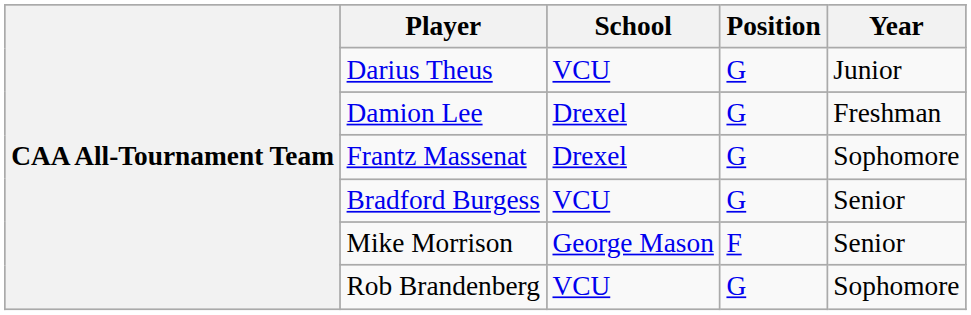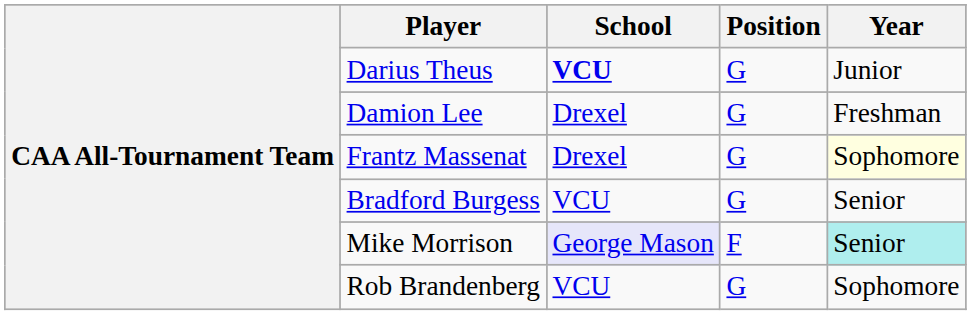 <table class="wikitable" border="1">
 <tr>
 <th rowspan=7 valign=middle>CAA All-Tournament Team</th>
 <th>Player</th>
 <th>School</th>
 <th>Position</th>
 <th>Year</th>
 </tr>
 <tr>
 <td><a href='#'>Darius Theus</a></td>
-<td><a href='#'>VCU</a></td>
+<td><strong><a href='#'>VCU</a></strong></td>
 <td><a href='#'>G</a></td>
 <td>Junior</td>
 </tr>
 <tr>
 <td><a href='#'>Damion Lee</a></td>
 <td><a href='#'>Drexel</a></td>
 <td><a href='#'>G</a></td>
 <td>Freshman</td>
 </tr>
 <tr>
 <td><a href='#'>Frantz Massenat</a></td>
 <td><a href='#'>Drexel</a></td>
 <td><a href='#'>G</a></td>
-<td>Sophomore</td>
+<td style="background: lightyellow;">Sophomore</td>
 </tr>
 <tr>
 <td><a href='#'>Bradford Burgess</a></td>
 <td><a href='#'>VCU</a></td>
 <td><a href='#'>G</a></td>
 <td>Senior</td>
 </tr>
 <tr>
 <td>Mike Morrison</td>
-<td><a href='#'>George Mason</a></td>
+<td style="background: lavender;"><a href='#'>George Mason</a></td>
 <td><a href='#'>F</a></td>
-<td>Senior</td>
+<td style="background: paleturquoise;">Senior</td>
 </tr>
 <tr>
 <td>Rob Brandenberg</td>
 <td><a href='#'>VCU</a></td>
 <td><a href='#'>G</a></td>
 <td>Sophomore</td>
 </tr>
 </table>
